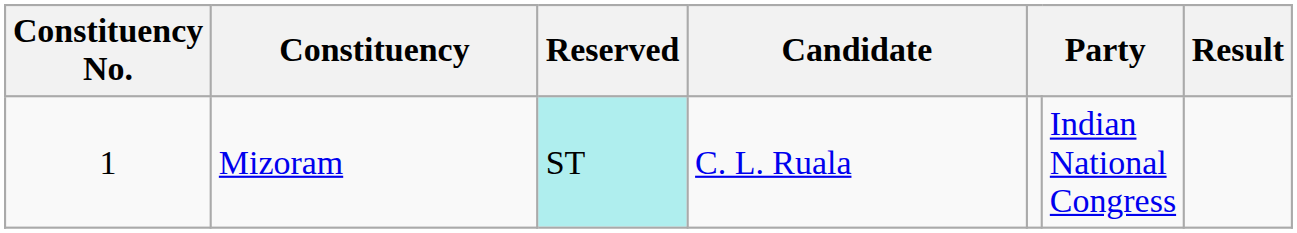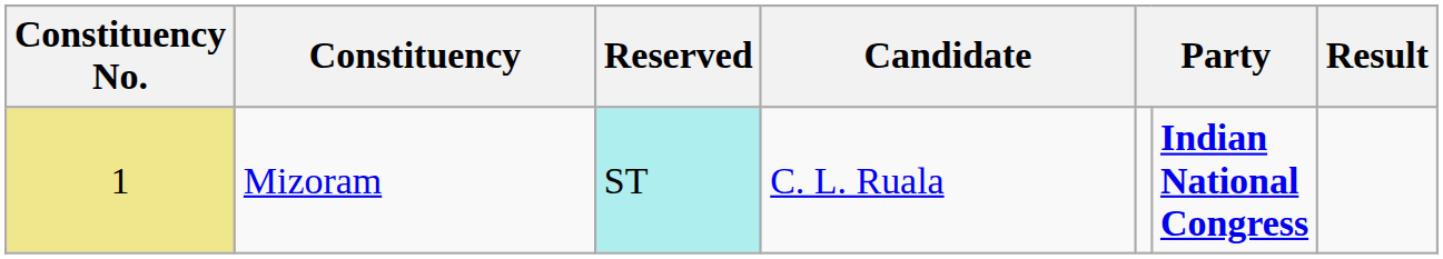 <table class= "wikitable sortable">
 <tr>
 <th>Constituency <br> No.</th>
 <th style="width:180px;">Constituency</th>
 <th>Reserved</th>
 <th style="width:200px;">Candidate</th>
 <th colspan=2>Party</th>
 <th>Result</th>
 </tr>
 <tr>
-<td align="center">1</td>
+<td align="center" style="background: khaki;">1</td>
 <td><a href='#'>Mizoram</a></td>
 <td style="background: paleturquoise;">ST</td>
 <td><a href='#'>C. L. Ruala</a></td>
 <td></td>
-<td><a href='#'>Indian National Congress</a></td>
+<td><strong><a href='#'>Indian National Congress</a></strong></td>
 <td></td>
 </tr>
 </table>
